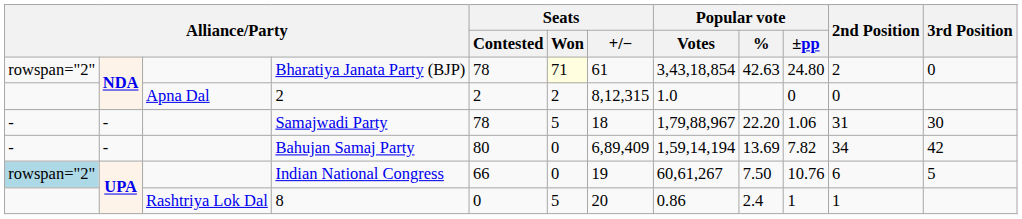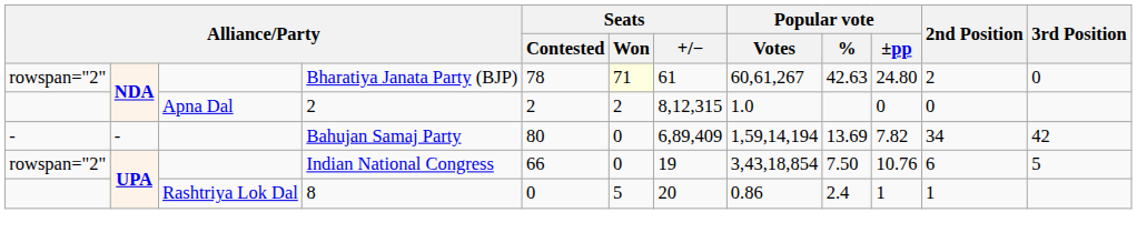 <table class="wikitable">
 <tr>
 <th colspan=4 rowspan="2">Alliance/Party</th>
 <th colspan="3">Seats</th>
 <th colspan="3">Popular vote</th>
 <th rowspan="2">2nd Position</th>
 <th rowspan="2">3rd Position</th>
 </tr>
 <tr>
 <th>Contested</th>
 <th>Won</th>
 <th><strong>+/−</strong></th>
 <th>Votes</th>
 <th>%</th>
 <th>±<a href='#'>pp</a></th>
 </tr>
 <tr>
 <td>rowspan="2" </td>
 <th rowspan="2" style="background:#FEF3E8"><a href='#'>NDA</a></th>
 <td></td>
 <td><a href='#'>Bharatiya Janata Party</a> (BJP)</td>
 <td>78</td>
 <td style="background: lightyellow;">71</td>
 <td> 61</td>
-<td>3,43,18,854</td>
+<td>60,61,267</td>
 <td>42.63</td>
 <td> 24.80</td>
 <td>2</td>
 <td>0</td>
 </tr>
 <tr>
 <td></td>
 <td><a href='#'>Apna Dal</a></td>
 <td>2</td>
 <td>2</td>
 <td> 2</td>
 <td>8,12,315</td>
 <td>1.0</td>
 <td></td>
 <td>0</td>
 <td>0</td>
 </tr>
 <tr>
 <td>-</td>
 <td>-</td>
 <td></td>
-<td><a href='#'>Samajwadi Party</a></td>
-<td>78</td>
-<td>5</td>
-<td> 18</td>
-<td>1,79,88,967</td>
-<td>22.20</td>
-<td> 1.06</td>
-<td>31</td>
-<td>30</td>
-</tr>
-<tr>
-<td>-</td>
-<td>-</td>
-<td></td>
 <td><a href='#'>Bahujan Samaj Party</a></td>
 <td>80</td>
 <td>0</td>
 <td>6,89,409</td>
 <td>1,59,14,194</td>
 <td>13.69</td>
 <td> 7.82</td>
 <td>34</td>
 <td>42</td>
 </tr>
 <tr>
-<td style="background: lightblue;">rowspan="2"  </td>
+<td>rowspan="2"  </td>
 <th rowspan="2" style="background:#FEF3E8"><a href='#'>UPA</a></th>
 <td></td>
 <td><a href='#'>Indian National Congress</a></td>
 <td>66</td>
 <td>0</td>
 <td> 19</td>
-<td>60,61,267</td>
+<td>3,43,18,854</td>
 <td>7.50</td>
 <td> 10.76</td>
 <td>6</td>
 <td>5</td>
 </tr>
 <tr>
 <td></td>
 <td><a href='#'>Rashtriya Lok Dal</a></td>
 <td>8</td>
 <td>0</td>
 <td> 5</td>
 <td> 20</td>
 <td>0.86</td>
 <td>2.4</td>
 <td>1</td>
 <td>1</td>
 </tr>
 </table>
